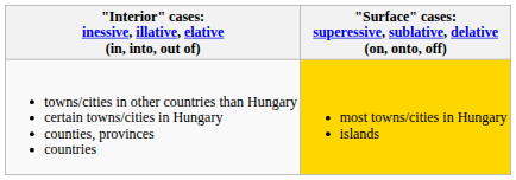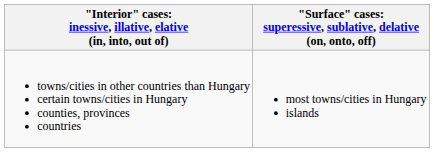 <table class="wikitable" align="center">
 <tr>
 <th align=center>"Interior" cases:<br><a href='#'>inessive</a>, <a href='#'>illative</a>, <a href='#'>elative</a><br>(in, into, out of)</th>
 <th align=center>"Surface" cases:<br><a href='#'>superessive</a>, <a href='#'>sublative</a>, <a href='#'>delative</a><br>(on, onto, off)</th>
 </tr>
 <tr>
 <td><br><ul><li>towns/cities in other countries than Hungary</li><li>certain towns/cities in Hungary</li><li>counties, provinces</li><li>countries</li></ul></td>
-<td style="background: gold;"><br><ul><li>most towns/cities in Hungary</li><li>islands</li></ul></td>
+<td><br><ul><li>most towns/cities in Hungary</li><li>islands</li></ul></td>
 </tr>
 </table>
